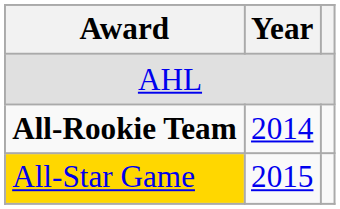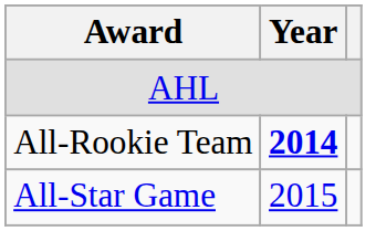 <table class="wikitable">
 <tr>
 <th>Award</th>
 <th>Year</th>
 <th></th>
 </tr>
 <tr ALIGN="center" bgcolor="#e0e0e0">
 <td colspan="3"><a href='#'>AHL</a></td>
 </tr>
 <tr>
-<td><strong>All-Rookie Team</strong></td>
-<td><a href='#'>2014</a></td>
+<td>All-Rookie Team</td>
+<td><strong><a href='#'>2014</a></strong></td>
 <td></td>
 </tr>
 <tr>
-<td style="background: gold;"><a href='#'>All-Star Game</a></td>
+<td><a href='#'>All-Star Game</a></td>
 <td><a href='#'>2015</a></td>
 <td></td>
 </tr>
 </table>
